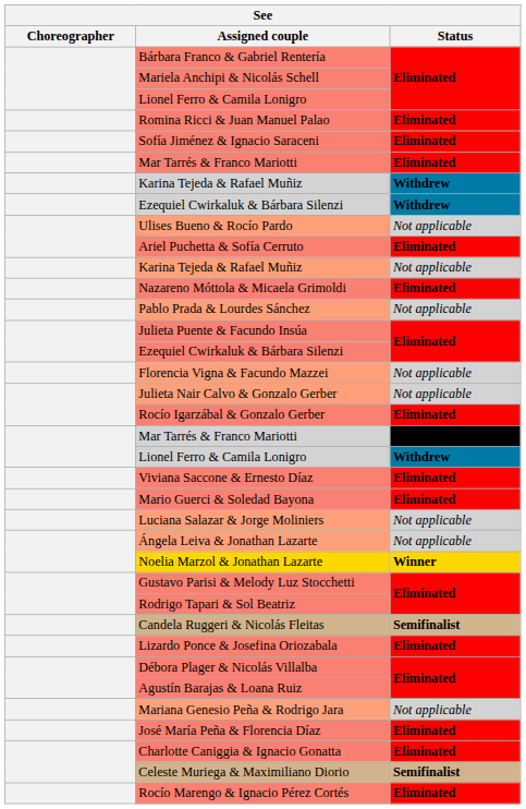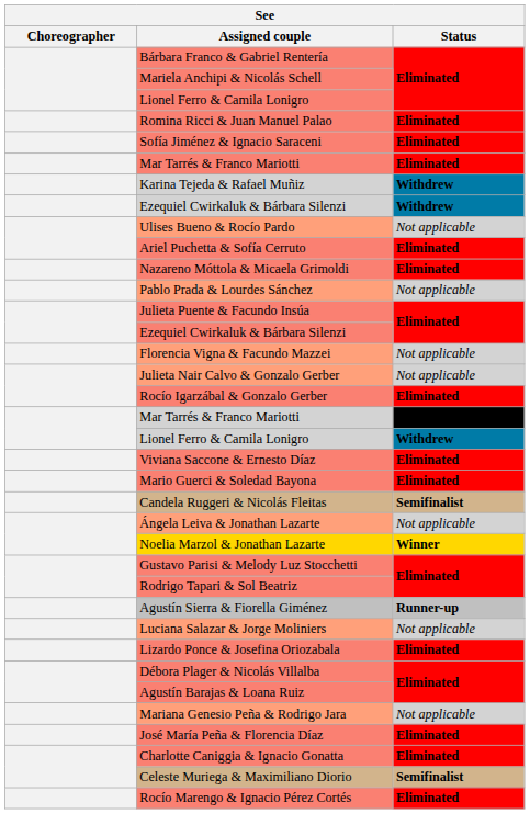 <table class="wikitable collapsible collapsed" style="font-size:100%; text-align: left width: 89%; margin:auto">
 <tr>
 <th colspan="3" style="with: 100%" align="center">See</th>
 </tr>
 <tr bgcolor="lightgrey">
 <th width="150">Choreographer</th>
 <th width="300">Assigned couple</th>
 <th width="150">Status</th>
 </tr>
 <tr>
 <th rowspan="3"></th>
 <td bgcolor="salmon">Bárbara Franco & Gabriel Rentería</td>
 <td rowspan="3" bgcolor="red"><span><strong>Eliminated</strong></span></td>
 </tr>
 <tr>
 <td bgcolor="salmon">Mariela Anchipi & Nicolás Schell</td>
 </tr>
 <tr>
 <td bgcolor="salmon">Lionel Ferro & Camila Lonigro</td>
 </tr>
 <tr>
 <th></th>
 <td bgcolor="salmon">Romina Ricci & Juan Manuel Palao</td>
 <td bgcolor="red"><span><strong>Eliminated</strong></span></td>
 </tr>
 <tr>
 <th></th>
 <td bgcolor="salmon">Sofía Jiménez & Ignacio Saraceni</td>
 <td bgcolor="red"><span><strong>Eliminated</strong></span></td>
 </tr>
 <tr>
 <th></th>
 <td bgcolor="salmon">Mar Tarrés & Franco Mariotti</td>
 <td bgcolor="red"><span><strong>Eliminated</strong></span></td>
 </tr>
 <tr>
 <th></th>
 <td bgcolor="lightgrey">Karina Tejeda & Rafael Muñiz </td>
 <td bgcolor="#007BA7"><strong>Withdrew</strong></td>
 </tr>
 <tr>
 <th></th>
 <td bgcolor="lightgrey">Ezequiel Cwirkaluk & Bárbara Silenzi </td>
 <td bgcolor="#007BA7"><strong>Withdrew</strong></td>
 </tr>
 <tr>
 <th rowspan="2"></th>
 <td bgcolor="lightsalmon">Ulises Bueno & Rocío Pardo</td>
 <td bgcolor="lightgrey"><em>Not applicable</em></td>
 </tr>
 <tr>
 <td bgcolor="salmon">Ariel Puchetta & Sofía Cerruto</td>
 <td bgcolor="red"><span><strong>Eliminated</strong></span></td>
 </tr>
 <tr>
 <th></th>
-<td bgcolor="lightsalmon">Karina Tejeda & Rafael Muñiz</td>
-<td bgcolor="lightgrey"><em>Not applicable</em></td>
-</tr>
-<tr>
-<th></th>
 <td bgcolor="salmon">Nazareno Móttola & Micaela Grimoldi</td>
 <td bgcolor="red"><span><strong>Eliminated</strong></span></td>
 </tr>
 <tr>
 <th></th>
 <td bgcolor="lightsalmon">Pablo Prada & Lourdes Sánchez</td>
 <td bgcolor="lightgrey"><em>Not applicable</em></td>
 </tr>
 <tr>
 <th rowspan="2"></th>
 <td bgcolor="salmon">Julieta Puente & Facundo Insúa</td>
 <td rowspan="2" bgcolor="red"><span><strong>Eliminated</strong></span></td>
 </tr>
 <tr>
 <td bgcolor="salmon">Ezequiel Cwirkaluk & Bárbara Silenzi</td>
 </tr>
 <tr>
 <th></th>
 <td bgcolor="lightsalmon">Florencia Vigna & Facundo Mazzei</td>
 <td bgcolor="lightgrey"><em>Not applicable</em></td>
 </tr>
 <tr>
 <th rowspan="2"></th>
 <td bgcolor="lightsalmon">Julieta Nair Calvo & Gonzalo Gerber</td>
 <td bgcolor="lightgrey"><em>Not applicable</em></td>
 </tr>
 <tr>
 <td bgcolor="salmon">Rocío Igarzábal & Gonzalo Gerber</td>
 <td bgcolor="red"><span><strong>Eliminated</strong></span></td>
 </tr>
 <tr>
 <th rowspan="2"></th>
 <td bgcolor="lightgrey">Mar Tarrés & Franco Mariotti </td>
 <td bgcolor="black"><span><strong>Disqualified</strong></span></td>
 </tr>
 <tr>
 <td bgcolor="lightgrey">Lionel Ferro & Camila Lonigro </td>
 <td bgcolor="#007BA7"><strong>Withdrew</strong></td>
 </tr>
 <tr>
 <th></th>
 <td bgcolor="salmon">Viviana Saccone & Ernesto Díaz</td>
 <td bgcolor="red"><span><strong>Eliminated</strong></span></td>
 </tr>
 <tr>
 <th></th>
 <td bgcolor="salmon">Mario Guerci & Soledad Bayona</td>
 <td bgcolor="red"><span><strong>Eliminated</strong></span></td>
 </tr>
 <tr>
 <th></th>
-<td bgcolor="lightsalmon">Luciana Salazar & Jorge Moliniers</td>
-<td bgcolor="lightgrey"><em>Not applicable</em></td>
+<td bgcolor="tan">Candela Ruggeri & Nicolás Fleitas</td>
+<td bgcolor="tan"><strong>Semifinalist</strong></td>
 </tr>
 <tr>
 <th rowspan="2"></th>
 <td bgcolor="lightsalmon">Ángela Leiva & Jonathan Lazarte</td>
 <td bgcolor="lightgrey"><em>Not applicable</em></td>
 </tr>
 <tr>
 <td style="background:gold">Noelia Marzol & Jonathan Lazarte</td>
 <td style="background:gold"><strong>Winner</strong></td>
 </tr>
 <tr>
 <th rowspan="2"></th>
 <td bgcolor="salmon">Gustavo Parisi & Melody Luz Stocchetti</td>
 <td rowspan="2" bgcolor="red"><span><strong>Eliminated</strong></span></td>
 </tr>
 <tr>
 <td bgcolor="salmon">Rodrigo Tapari & Sol Beatriz</td>
 </tr>
 <tr>
 <th></th>
-<td bgcolor="tan">Candela Ruggeri & Nicolás Fleitas</td>
-<td bgcolor="tan"><strong>Semifinalist</strong></td>
+<td style="background:silver">Agustín Sierra & Fiorella Giménez</td>
+<td style="background:silver"><strong>Runner-up</strong></td>
+</tr>
+<tr>
+<th></th>
+<td bgcolor="lightsalmon">Luciana Salazar & Jorge Moliniers</td>
+<td bgcolor="lightgrey"><em>Not applicable</em></td>
 </tr>
 <tr>
 <th></th>
 <td bgcolor="salmon">Lizardo Ponce & Josefina Oriozabala</td>
 <td bgcolor="red"><span><strong>Eliminated</strong></span></td>
 </tr>
 <tr>
 <th rowspan="2"></th>
 <td bgcolor="salmon">Débora Plager & Nicolás Villalba</td>
 <td rowspan="2" bgcolor="red"><span><strong>Eliminated</strong></span></td>
 </tr>
 <tr>
 <td bgcolor="salmon">Agustín Barajas & Loana Ruiz</td>
 </tr>
 <tr>
 <th></th>
 <td bgcolor="lightsalmon">Mariana Genesio Peña & Rodrigo Jara</td>
 <td bgcolor="lightgrey"><em>Not applicable</em></td>
 </tr>
 <tr>
 <th></th>
 <td bgcolor="salmon">José María Peña & Florencia Díaz</td>
 <td bgcolor="red"><span><strong>Eliminated</strong></span></td>
 </tr>
 <tr>
 <th rowspan="2"></th>
 <td bgcolor="salmon">Charlotte Caniggia & Ignacio Gonatta</td>
 <td bgcolor="red"><span><strong>Eliminated</strong></span></td>
 </tr>
 <tr>
 <td bgcolor="tan">Celeste Muriega & Maximiliano Diorio</td>
 <td bgcolor="tan"><strong>Semifinalist</strong></td>
 </tr>
 <tr>
 <th></th>
 <td bgcolor="salmon">Rocío Marengo & Ignacio Pérez Cortés</td>
 <td bgcolor="red"><span><strong>Eliminated</strong></span></td>
 </tr>
 </table>
